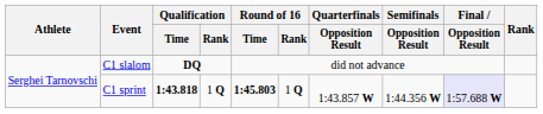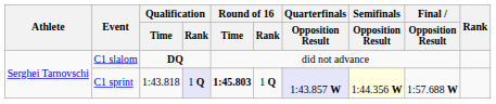 <table class="wikitable" style="font-size:90%;">
 <tr>
 <th rowspan=2>Athlete</th>
 <th rowspan=2>Event</th>
 <th colspan=2>Qualification</th>
 <th colspan=2>Round of 16</th>
 <th>Quarterfinals</th>
 <th>Semifinals</th>
 <th>Final / </th>
 <th rowspan=2>Rank</th>
 </tr>
 <tr style="font-size:95%">
 <th>Time</th>
 <th>Rank</th>
 <th>Time</th>
 <th>Rank</th>
 <th>Opposition <br>Result</th>
 <th>Opposition <br>Result</th>
 <th>Opposition <br>Result</th>
 </tr>
 <tr align=center>
 <td rowspan=2 align=left><a href='#'>Serghei Tarnovschi</a></td>
 <td align=left><a href='#'>C1 slalom</a></td>
 <td colspan=2><strong>DQ</strong></td>
 <td colspan=5>did not advance</td>
 <td></td>
 </tr>
 <tr align=center>
 <td align=left><a href='#'>C1 sprint</a></td>
-<td><strong>1:43.818</strong></td>
-<td>1 <strong>Q</strong></td>
+<td>1:43.818</td>
+<td style="background: lavender;">1 <strong>Q</strong></td>
 <td><strong>1:45.803</strong></td>
 <td>1 <strong>Q</strong></td>
-<td> <br> 1:43.857 <strong>W</strong></td>
-<td> <br> 1:44.356 <strong>W</strong></td>
-<td style="background: lavender;"> <br> 1:57.688 <strong>W</strong></td>
+<td style="background: lavender;"> <br> 1:43.857 <strong>W</strong></td>
+<td style="background: lightyellow;"> <br> 1:44.356 <strong>W</strong></td>
+<td> <br> 1:57.688 <strong>W</strong></td>
 <td align=center></td>
 </tr>
 </table>
